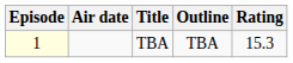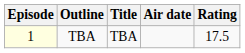 <table class="wikitable" style="text-align:center">
 <tr>
 <th>Episode</th>
+<th>Outline</th>
+<th>Title</th>
 <th>Air date</th>
-<th>Title</th>
-<th>Outline</th>
 <th>Rating</th>
 </tr>
 <tr>
 <td style="background: lightyellow;">1</td>
-<td></td>
 <td>TBA</td>
 <td>TBA</td>
-<td>15.3</td>
+<td></td>
+<td>17.5</td>
 </tr>
 </table>
